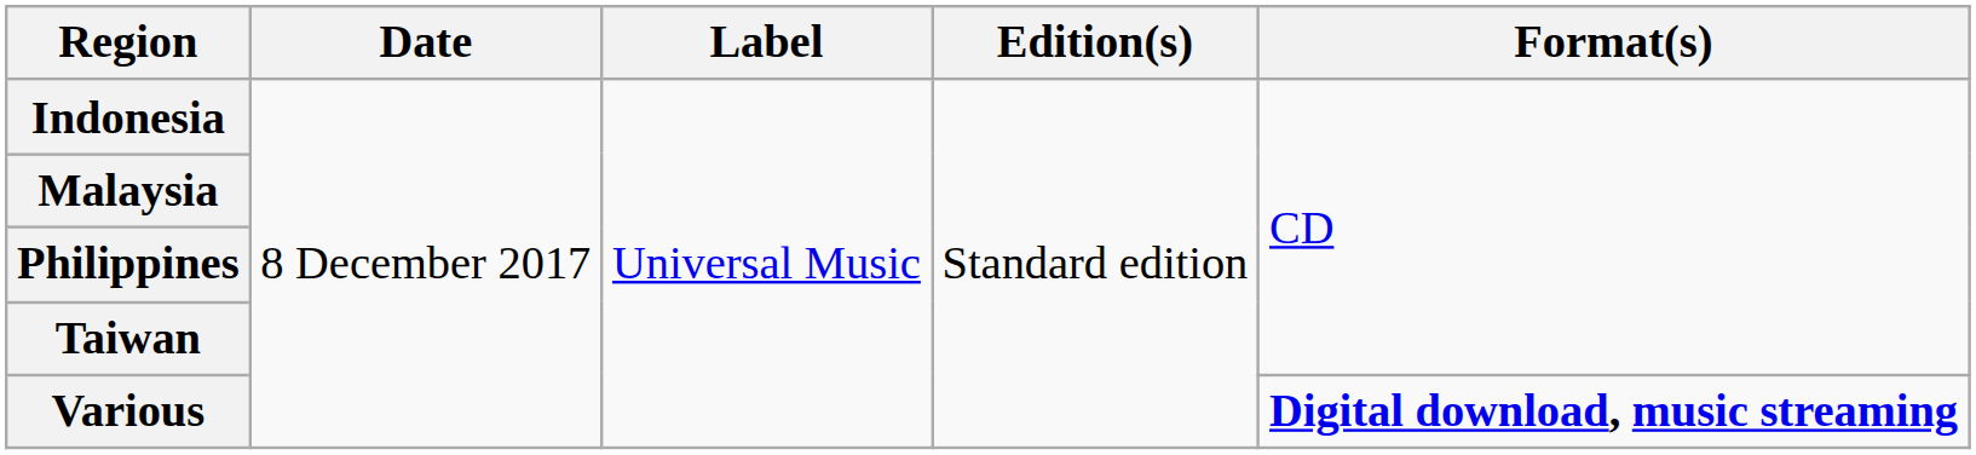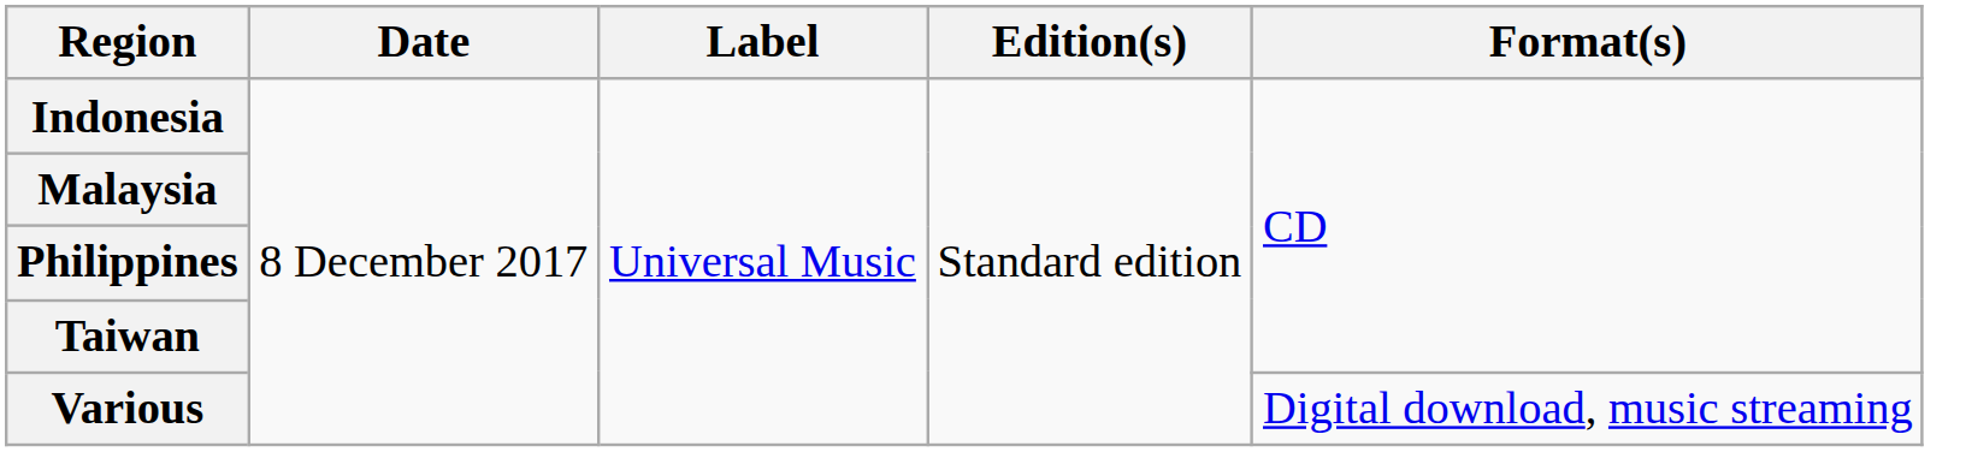 <table class="wikitable plainrowheaders">
 <tr>
 <th scope="col">Region</th>
 <th scope="col">Date</th>
 <th scope="col">Label</th>
 <th scope="col">Edition(s)</th>
 <th scope="col">Format(s)</th>
 </tr>
 <tr>
 <th scope="row">Indonesia</th>
 <td rowspan="5">8 December 2017</td>
 <td rowspan="5"><a href='#'>Universal Music</a></td>
 <td rowspan="5">Standard edition</td>
 <td rowspan="4"><a href='#'>CD</a></td>
 </tr>
 <tr>
 <th scope="row">Malaysia</th>
 </tr>
 <tr>
 <th scope="row">Philippines</th>
 </tr>
 <tr>
 <th scope="row">Taiwan</th>
 </tr>
 <tr>
 <th scope="row">Various</th>
-<td><strong><a href='#'>Digital download</a>, <a href='#'>music streaming</a></strong></td>
+<td><a href='#'>Digital download</a>, <a href='#'>music streaming</a></td>
 </tr>
 </table>
